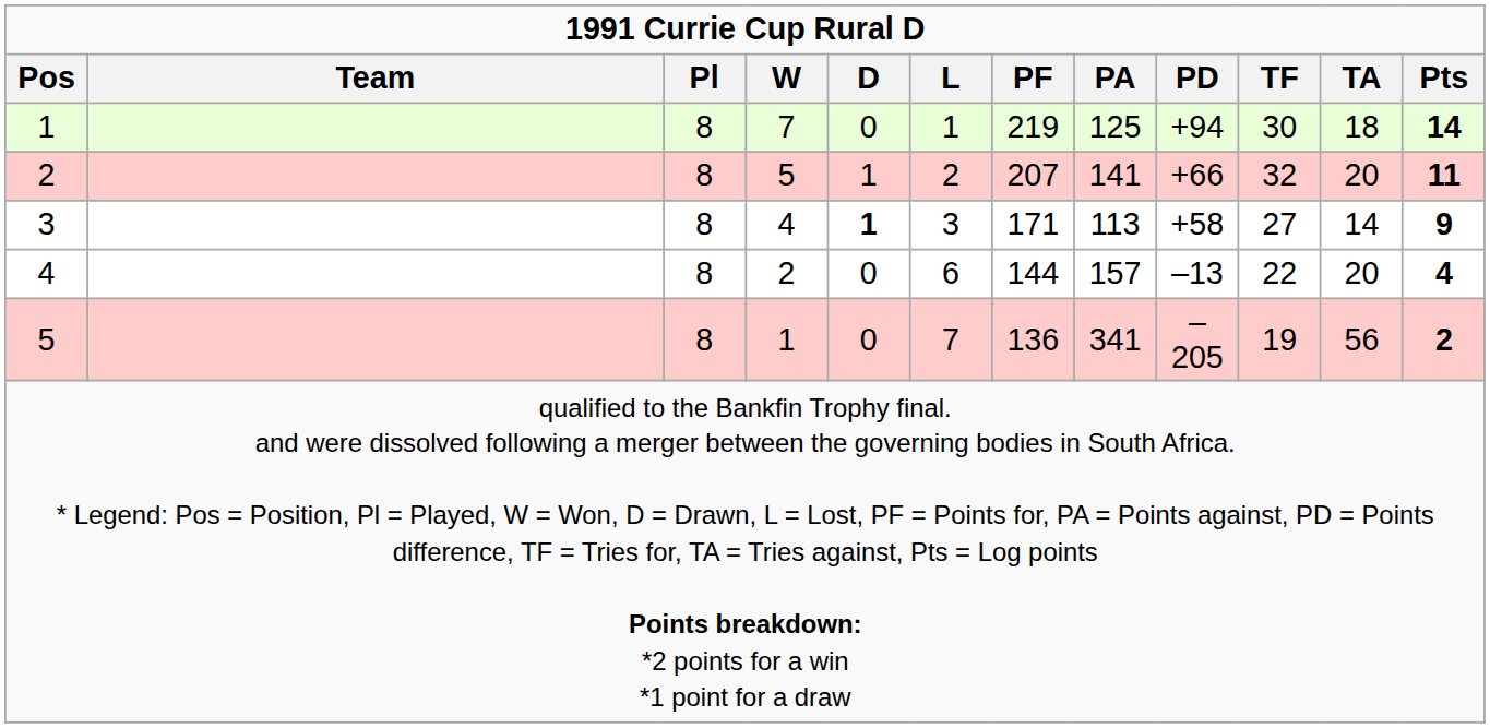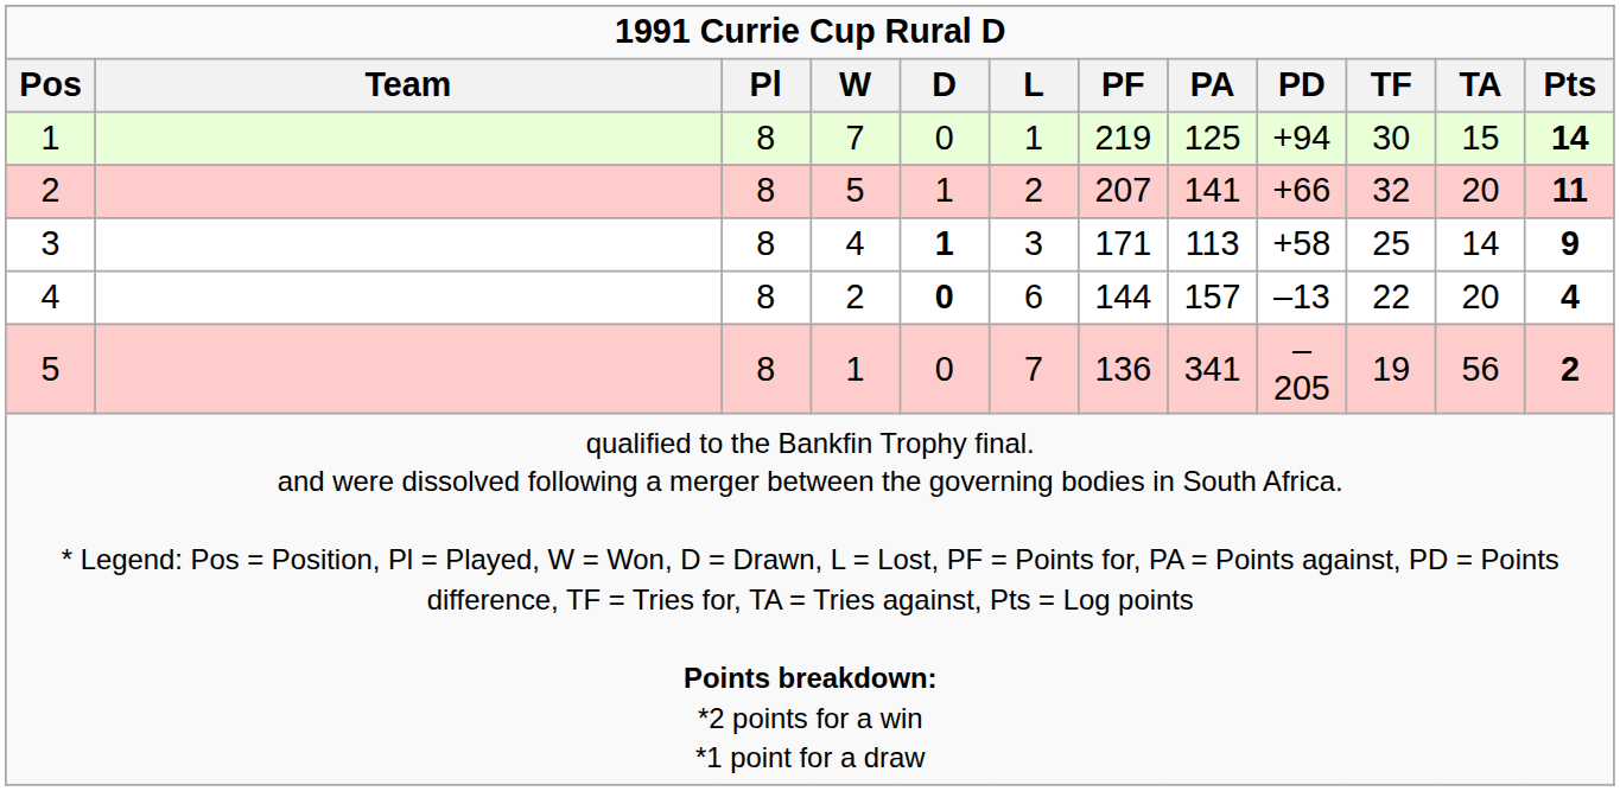 <table class="wikitable" style="text-align:center; line-height:110%; font-size:100%; width:60%;">
 <tr>
 <td colspan="12" cellpadding="0" cellspacing="0"><strong>1991 Currie Cup Rural D</strong></td>
 </tr>
 <tr>
 <th style="width:5%;">Pos</th>
 <th style="width:35%;">Team</th>
 <th style="width:5%;">Pl</th>
 <th style="width:5%;">W</th>
 <th style="width:5%;">D</th>
 <th style="width:5%;">L</th>
 <th style="width:5%;">PF</th>
 <th style="width:5%;">PA</th>
 <th style="width:5%;">PD</th>
 <th style="width:5%;">TF</th>
 <th style="width:5%;">TA</th>
 <th style="width:5%;">Pts<br></th>
 </tr>
 <tr bgcolor=#E8FFD8 align=center>
 <td>1</td>
 <td align=left></td>
 <td>8</td>
 <td>7</td>
 <td>0</td>
 <td>1</td>
 <td>219</td>
 <td>125</td>
 <td>+94</td>
 <td>30</td>
-<td>18</td>
+<td>15</td>
 <td><strong>14</strong></td>
 </tr>
 <tr bgcolor=#FFCCCC align=center>
 <td>2</td>
 <td align=left></td>
 <td>8</td>
 <td>5</td>
 <td>1</td>
 <td>2</td>
 <td>207</td>
 <td>141</td>
 <td>+66</td>
 <td>32</td>
 <td>20</td>
 <td><strong>11</strong></td>
 </tr>
 <tr bgcolor=#FFFFFF align=center>
 <td>3</td>
 <td align=left></td>
 <td>8</td>
 <td>4</td>
 <td><strong>1</strong></td>
 <td>3</td>
 <td>171</td>
 <td>113</td>
 <td>+58</td>
-<td>27</td>
+<td>25</td>
 <td>14</td>
 <td><strong>9</strong></td>
 </tr>
 <tr bgcolor=#FFFFFF align=center>
 <td>4</td>
 <td align=left></td>
 <td>8</td>
 <td>2</td>
-<td>0</td>
+<td><strong>0</strong></td>
 <td>6</td>
 <td>144</td>
 <td>157</td>
 <td>–13</td>
 <td>22</td>
 <td>20</td>
 <td><strong>4</strong></td>
 </tr>
 <tr bgcolor=#FFCCCC align=center>
 <td>5</td>
 <td align=left></td>
 <td>8</td>
 <td>1</td>
 <td>0</td>
 <td>7</td>
 <td>136</td>
 <td>341</td>
 <td>–205</td>
 <td>19</td>
 <td>56</td>
 <td><strong>2</strong></td>
 </tr>
 <tr>
 <td colspan="12" style="border:0px"><small> qualified to the Bankfin Trophy final.<br> and  were dissolved following a merger between the governing bodies in South Africa.<br><br>* Legend: Pos = Position, Pl = Played, W = Won, D = Drawn, L = Lost, PF = Points for, PA = Points against, PD = Points difference, TF = Tries for, TA = Tries against, Pts = Log points<br><br><strong>Points breakdown:</strong><br>*2 points for a win<br>*1 point for a draw</small></td>
 </tr>
 </table>
